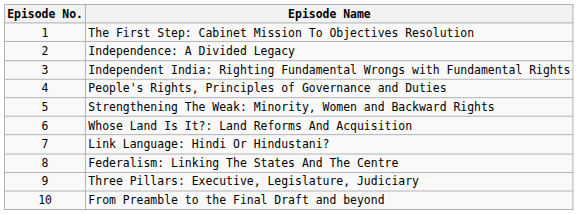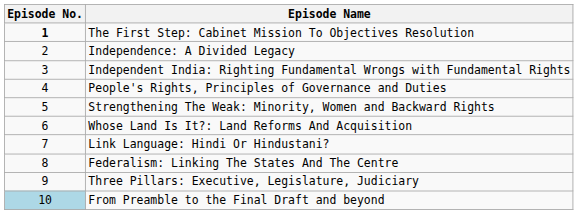 <table class="wikitable">
 <tr>
 <th>Episode No.</th>
 <th>Episode Name</th>
 </tr>
 <tr>
-<td align="center">1</td>
+<td align="center"><strong>1</strong></td>
 <td align="left">The First Step: Cabinet Mission To Objectives Resolution</td>
 </tr>
 <tr>
 <td align="center">2</td>
 <td align="left">Independence: A Divided Legacy</td>
 </tr>
 <tr>
 <td align="center">3</td>
 <td align="left">Independent India: Righting Fundamental Wrongs with Fundamental Rights</td>
 </tr>
 <tr>
 <td align="center">4</td>
 <td align="left">People's Rights, Principles of Governance and Duties</td>
 </tr>
 <tr>
 <td align="center">5</td>
 <td align="left">Strengthening The Weak: Minority, Women and Backward Rights</td>
 </tr>
 <tr>
 <td align="center">6</td>
 <td align="left">Whose Land Is It?: Land Reforms And Acquisition</td>
 </tr>
 <tr>
 <td align="center">7</td>
 <td align="left">Link Language: Hindi Or Hindustani?</td>
 </tr>
 <tr>
 <td align="center">8</td>
 <td align="left">Federalism: Linking The States And The Centre</td>
 </tr>
 <tr>
 <td align="center">9</td>
 <td align="left">Three Pillars: Executive, Legislature, Judiciary</td>
 </tr>
 <tr>
-<td align="center">10</td>
+<td align="center" style="background: lightblue;">10</td>
 <td align="left">From Preamble to the Final Draft and beyond</td>
 </tr>
 </table>
